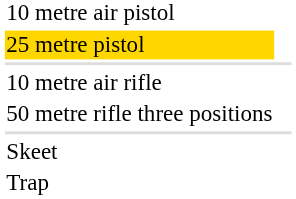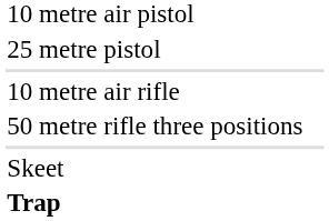 <table>
 <tr>
 <td>10 metre air pistol <br></td>
 <td></td>
 <td></td>
 <td></td>
 </tr>
 <tr>
-<td style="background: gold;">25 metre pistol <br></td>
+<td>25 metre pistol <br></td>
 <td></td>
 <td></td>
 <td></td>
 </tr>
 <tr bgcolor=#DDDDDD>
 <td colspan=7></td>
 </tr>
 <tr>
 <td>10 metre air rifle <br></td>
 <td></td>
 <td></td>
 <td></td>
 </tr>
 <tr>
 <td>50 metre rifle three positions<br></td>
 <td></td>
 <td></td>
 <td></td>
 </tr>
 <tr bgcolor=#DDDDDD>
 <td colspan=7></td>
 </tr>
 <tr>
 <td>Skeet <br></td>
 <td></td>
 <td></td>
 <td></td>
 </tr>
 <tr>
-<td>Trap <br></td>
+<td><strong>Trap <br></strong></td>
 <td></td>
 <td></td>
 <td></td>
 </tr>
 </table>
